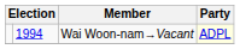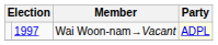 <table class="wikitable">
 <tr>
 <th colspan="2">Election</th>
 <th>Member</th>
 <th>Party</th>
 </tr>
 <tr>
 <td style="background-color: "></td>
-<td><a href='#'>1994</a></td>
+<td><a href='#'>1997</a></td>
 <td>Wai Woon-nam→<em>Vacant</em></td>
 <td style="background: lightyellow;"><a href='#'>ADPL</a></td>
 </tr>
 <tr>
 </tr>
 </table>
